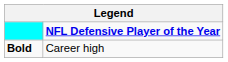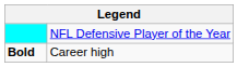 <table class="wikitable">
 <tr>
 <th colspan="2">Legend</th>
 </tr>
 <tr>
 <td style="background:#0ff; width:3em;"></td>
-<td><strong><a href='#'>NFL Defensive Player of the Year</a></strong></td>
+<td><a href='#'>NFL Defensive Player of the Year</a></td>
 </tr>
 <tr>
 <td><strong>Bold</strong></td>
 <td>Career high</td>
 </tr>
 </table>
